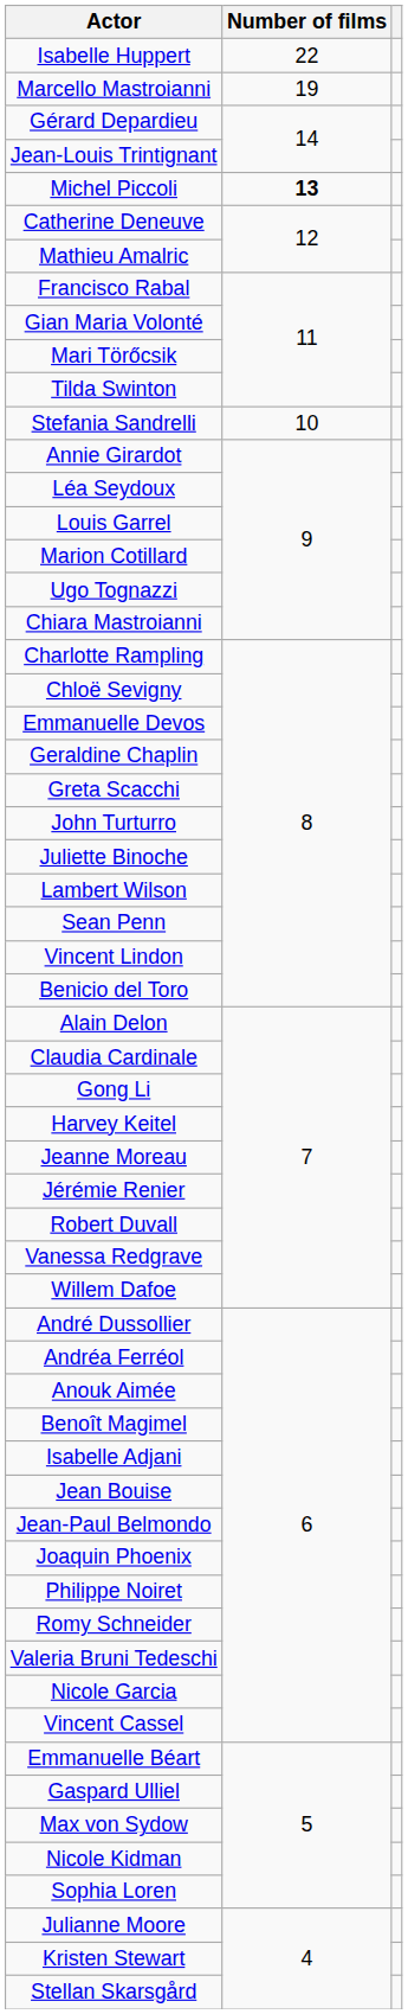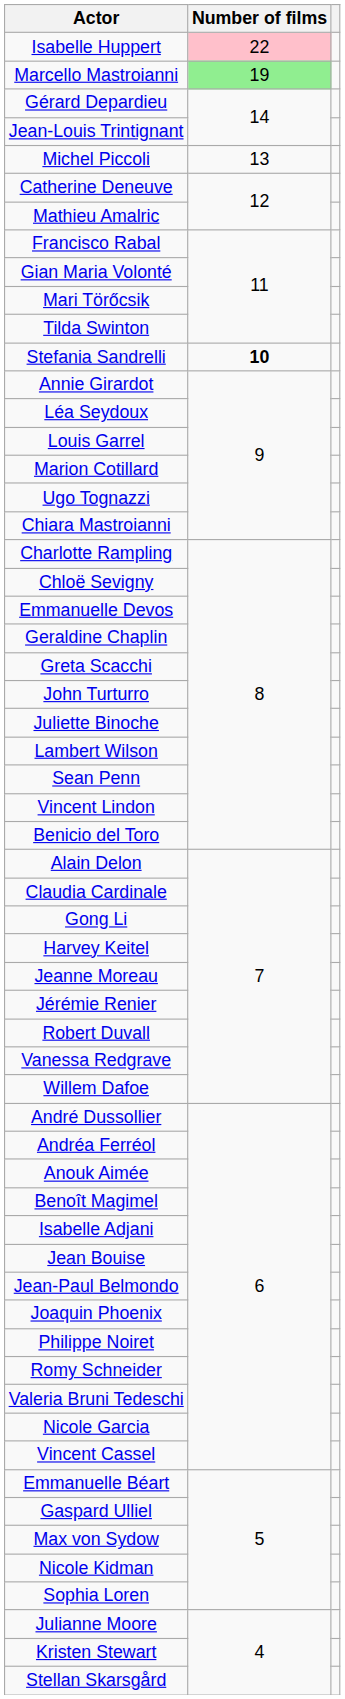 <table class="wikitable sortable" style="text-align: center">
 <tr>
 <th scope="col">Actor</th>
 <th scope="col">Number of films</th>
 <th scope="col" class="unsortable"></th>
 </tr>
 <tr>
 <td><a href='#'>Isabelle Huppert</a></td>
-<td>22</td>
+<td style="background: pink;">22</td>
 <td></td>
 </tr>
 <tr>
 <td><a href='#'>Marcello Mastroianni</a></td>
-<td>19</td>
+<td style="background: lightgreen;">19</td>
 <td></td>
 </tr>
 <tr>
 <td><a href='#'>Gérard Depardieu</a></td>
 <td rowspan="2">14</td>
 <td></td>
 </tr>
 <tr>
 <td><a href='#'>Jean-Louis Trintignant</a></td>
 <td></td>
 </tr>
 <tr>
 <td><a href='#'>Michel Piccoli</a></td>
-<td><strong>13</strong></td>
+<td>13</td>
 <td></td>
 </tr>
 <tr>
 <td><a href='#'>Catherine Deneuve</a></td>
 <td rowspan="2">12</td>
 <td></td>
 </tr>
 <tr>
 <td><a href='#'>Mathieu Amalric</a></td>
 <td></td>
 </tr>
 <tr>
 <td><a href='#'>Francisco Rabal</a></td>
 <td rowspan="4">11</td>
 <td></td>
 </tr>
 <tr>
 <td><a href='#'>Gian Maria Volonté</a></td>
 <td></td>
 </tr>
 <tr>
 <td><a href='#'>Mari Törőcsik</a></td>
 <td></td>
 </tr>
 <tr>
 <td><a href='#'>Tilda Swinton</a></td>
 <td></td>
 </tr>
 <tr>
 <td><a href='#'>Stefania Sandrelli</a></td>
-<td>10</td>
+<td><strong>10</strong></td>
 <td></td>
 </tr>
 <tr>
 <td><a href='#'>Annie Girardot</a></td>
 <td rowspan="6">9</td>
 <td></td>
 </tr>
 <tr>
 <td><a href='#'>Léa Seydoux</a></td>
 <td></td>
 </tr>
 <tr>
 <td><a href='#'>Louis Garrel</a></td>
 <td></td>
 </tr>
 <tr>
 <td><a href='#'>Marion Cotillard</a></td>
 <td></td>
 </tr>
 <tr>
 <td><a href='#'>Ugo Tognazzi</a></td>
 <td></td>
 </tr>
 <tr>
 <td><a href='#'>Chiara Mastroianni</a></td>
 <td></td>
 </tr>
 <tr>
 <td><a href='#'>Charlotte Rampling</a></td>
 <td rowspan="11">8</td>
 <td></td>
 </tr>
 <tr>
 <td><a href='#'>Chloë Sevigny</a></td>
 <td></td>
 </tr>
 <tr>
 <td><a href='#'>Emmanuelle Devos</a></td>
 <td></td>
 </tr>
 <tr>
 <td><a href='#'>Geraldine Chaplin</a></td>
 <td></td>
 </tr>
 <tr>
 <td><a href='#'>Greta Scacchi</a></td>
 <td></td>
 </tr>
 <tr>
 <td><a href='#'>John Turturro</a></td>
 <td></td>
 </tr>
 <tr>
 <td><a href='#'>Juliette Binoche</a></td>
 <td></td>
 </tr>
 <tr>
 <td><a href='#'>Lambert Wilson</a></td>
 <td></td>
 </tr>
 <tr>
 <td><a href='#'>Sean Penn</a></td>
 <td></td>
 </tr>
 <tr>
 <td><a href='#'>Vincent Lindon</a></td>
 <td></td>
 </tr>
 <tr>
 <td><a href='#'>Benicio del Toro</a></td>
 <td></td>
 </tr>
 <tr>
 <td><a href='#'>Alain Delon</a></td>
 <td rowspan="9">7</td>
 <td></td>
 </tr>
 <tr>
 <td><a href='#'>Claudia Cardinale</a></td>
 <td></td>
 </tr>
 <tr>
 <td><a href='#'>Gong Li</a></td>
 <td></td>
 </tr>
 <tr>
 <td><a href='#'>Harvey Keitel</a></td>
 <td></td>
 </tr>
 <tr>
 <td><a href='#'>Jeanne Moreau</a></td>
 <td></td>
 </tr>
 <tr>
 <td><a href='#'>Jérémie Renier</a></td>
 <td></td>
 </tr>
 <tr>
 <td><a href='#'>Robert Duvall</a></td>
 <td></td>
 </tr>
 <tr>
 <td><a href='#'>Vanessa Redgrave</a></td>
 <td></td>
 </tr>
 <tr>
 <td><a href='#'>Willem Dafoe</a></td>
 <td></td>
 </tr>
 <tr>
 <td><a href='#'>André Dussollier</a></td>
 <td rowspan="13">6</td>
 <td></td>
 </tr>
 <tr>
 <td><a href='#'>Andréa Ferréol</a></td>
 <td></td>
 </tr>
 <tr>
 <td><a href='#'>Anouk Aimée</a></td>
 <td></td>
 </tr>
 <tr>
 <td><a href='#'>Benoît Magimel</a></td>
 <td></td>
 </tr>
 <tr>
 <td><a href='#'>Isabelle Adjani</a></td>
 <td></td>
 </tr>
 <tr>
 <td><a href='#'>Jean Bouise</a></td>
 <td></td>
 </tr>
 <tr>
 <td><a href='#'>Jean-Paul Belmondo</a></td>
 <td></td>
 </tr>
 <tr>
 <td><a href='#'>Joaquin Phoenix</a></td>
 <td></td>
 </tr>
 <tr>
 <td><a href='#'>Philippe Noiret</a></td>
 <td></td>
 </tr>
 <tr>
 <td><a href='#'>Romy Schneider</a></td>
 <td></td>
 </tr>
 <tr>
 <td><a href='#'>Valeria Bruni Tedeschi</a></td>
 <td></td>
 </tr>
 <tr>
 <td><a href='#'>Nicole Garcia</a></td>
 <td></td>
 </tr>
 <tr>
 <td><a href='#'>Vincent Cassel</a></td>
 <td></td>
 </tr>
 <tr>
 <td><a href='#'>Emmanuelle Béart</a></td>
 <td rowspan="5">5</td>
 <td></td>
 </tr>
 <tr>
 <td><a href='#'>Gaspard Ulliel</a></td>
 <td></td>
 </tr>
 <tr>
 <td><a href='#'>Max von Sydow</a></td>
 <td></td>
 </tr>
 <tr>
 <td><a href='#'>Nicole Kidman</a></td>
 <td></td>
 </tr>
 <tr>
 <td><a href='#'>Sophia Loren</a></td>
 <td></td>
 </tr>
 <tr>
 <td><a href='#'>Julianne Moore</a></td>
 <td rowspan="3">4</td>
 <td></td>
 </tr>
 <tr>
 <td><a href='#'>Kristen Stewart</a></td>
 <td></td>
 </tr>
 <tr>
 <td><a href='#'>Stellan Skarsgård</a></td>
 <td></td>
 </tr>
 </table>
